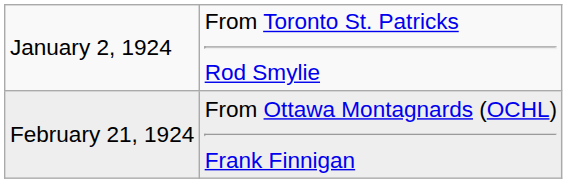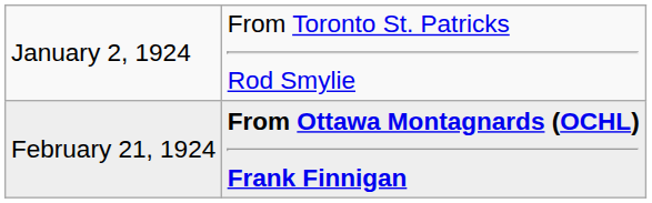 <table class="wikitable">
 <tr>
 <td>January 2, 1924</td>
 <td valign="top">From <a href='#'>Toronto St. Patricks</a><hr><a href='#'>Rod Smylie</a></td>
 </tr>
 <tr style="background:#eee;">
 <td>February 21, 1924</td>
-<td valign="top">From <a href='#'>Ottawa Montagnards</a> (<a href='#'>OCHL</a>)<hr><a href='#'>Frank Finnigan</a></td>
+<td valign="top"><strong>From <a href='#'>Ottawa Montagnards</a> (<a href='#'>OCHL</a>)<hr><a href='#'>Frank Finnigan</a></strong></td>
 </tr>
 </table>
